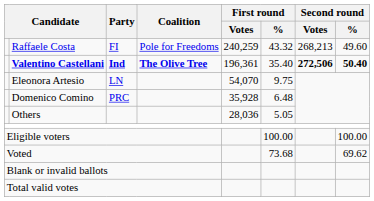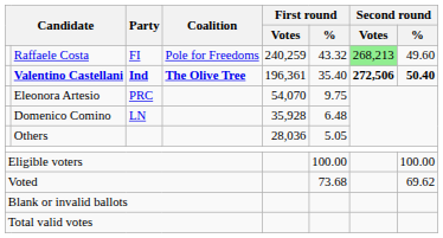 <table class="wikitable centre">
 <tr>
 <th scope="col" rowspan=2 colspan=2>Candidate</th>
 <th scope="col" rowspan=2 colspan=1>Party</th>
 <th scope="col" rowspan=2 colspan=1>Coalition</th>
 <th scope="col" colspan=2>First round</th>
 <th scope="col" colspan=2>Second round</th>
 </tr>
 <tr>
 <th scope="col">Votes</th>
 <th scope="col">%</th>
 <th scope="col">Votes</th>
 <th scope="col">%</th>
 </tr>
 <tr>
 <td></td>
 <td><a href='#'>Raffaele Costa</a></td>
 <td><a href='#'>FI</a></td>
 <td><a href='#'>Pole for Freedoms</a></td>
 <td style="text-align: right">240,259</td>
 <td style="text-align: right">43.32</td>
-<td style="text-align: right">268,213</td>
+<td style="background: lightgreen; text-align: right">268,213</td>
 <td style="text-align: right">49.60</td>
 </tr>
 <tr>
 <td></td>
 <td><strong><a href='#'>Valentino Castellani</a></strong></td>
 <td><strong><a href='#'>Ind</a></strong></td>
 <td><strong><a href='#'>The Olive Tree</a></strong></td>
 <td style="text-align: right">196,361</td>
 <td style="text-align: right">35.40</td>
 <td style="text-align: right"><strong>272,506</strong></td>
 <td style="text-align: right"><strong>50.40</strong></td>
 </tr>
 <tr>
 <td></td>
 <td>Eleonora Artesio</td>
-<td><a href='#'>LN</a></td>
+<td><a href='#'>PRC</a></td>
 <td></td>
 <td style="text-align: right">54,070</td>
 <td style="text-align: right">9.75</td>
 </tr>
 <tr>
 <td></td>
 <td>Domenico Comino</td>
-<td><a href='#'>PRC</a></td>
+<td><a href='#'>LN</a></td>
 <td></td>
 <td style="text-align: right">35,928</td>
 <td style="text-align: right">6.48</td>
 </tr>
 <tr>
 <td bgcolor=""></td>
 <td>Others</td>
 <td></td>
 <td></td>
 <td style="text-align: right">28,036</td>
 <td style="text-align: right">5.05</td>
 </tr>
 <tr bgcolor=white>
 <td colspan=8></td>
 </tr>
 <tr>
 <td colspan=4>Eligible voters</td>
 <td style="text-align: right"></td>
 <td style="text-align: right">100.00</td>
 <td style="text-align: right"></td>
 <td style="text-align: right">100.00</td>
 </tr>
 <tr>
 <td colspan=4>Voted</td>
 <td style="text-align: right"></td>
 <td style="text-align: right">73.68</td>
 <td style="text-align: right"></td>
 <td style="text-align: right">69.62</td>
 </tr>
 <tr>
 <td colspan=4>Blank or invalid ballots</td>
 <td style="text-align: right"></td>
 <td style="text-align: right"></td>
 <td style="text-align: right"></td>
 <td style="text-align: right"></td>
 </tr>
 <tr>
 <td colspan=4>Total valid votes</td>
 <td style="text-align: right"></td>
 <td style="text-align: right"></td>
 <td style="text-align: right"></td>
 <td style="text-align: right"></td>
 </tr>
 </table>
